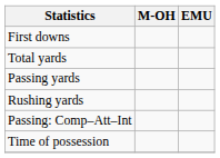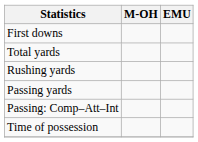 <table class="wikitable" style="float: left;">
 <tr>
 <th>Statistics</th>
 <th>M-OH</th>
 <th>EMU</th>
 </tr>
 <tr>
 <td>First downs</td>
 <td></td>
 <td></td>
 </tr>
 <tr>
 <td>Total yards</td>
 <td></td>
 <td></td>
 </tr>
 <tr>
-<td>Passing yards</td>
+<td>Rushing yards</td>
 <td></td>
 <td></td>
 </tr>
 <tr>
-<td>Rushing yards</td>
+<td>Passing yards</td>
 <td></td>
 <td></td>
 </tr>
 <tr>
 <td>Passing: Comp–Att–Int</td>
 <td></td>
 <td></td>
 </tr>
 <tr>
 <td>Time of possession</td>
 <td></td>
 <td></td>
 </tr>
 <tr>
 </tr>
 </table>
